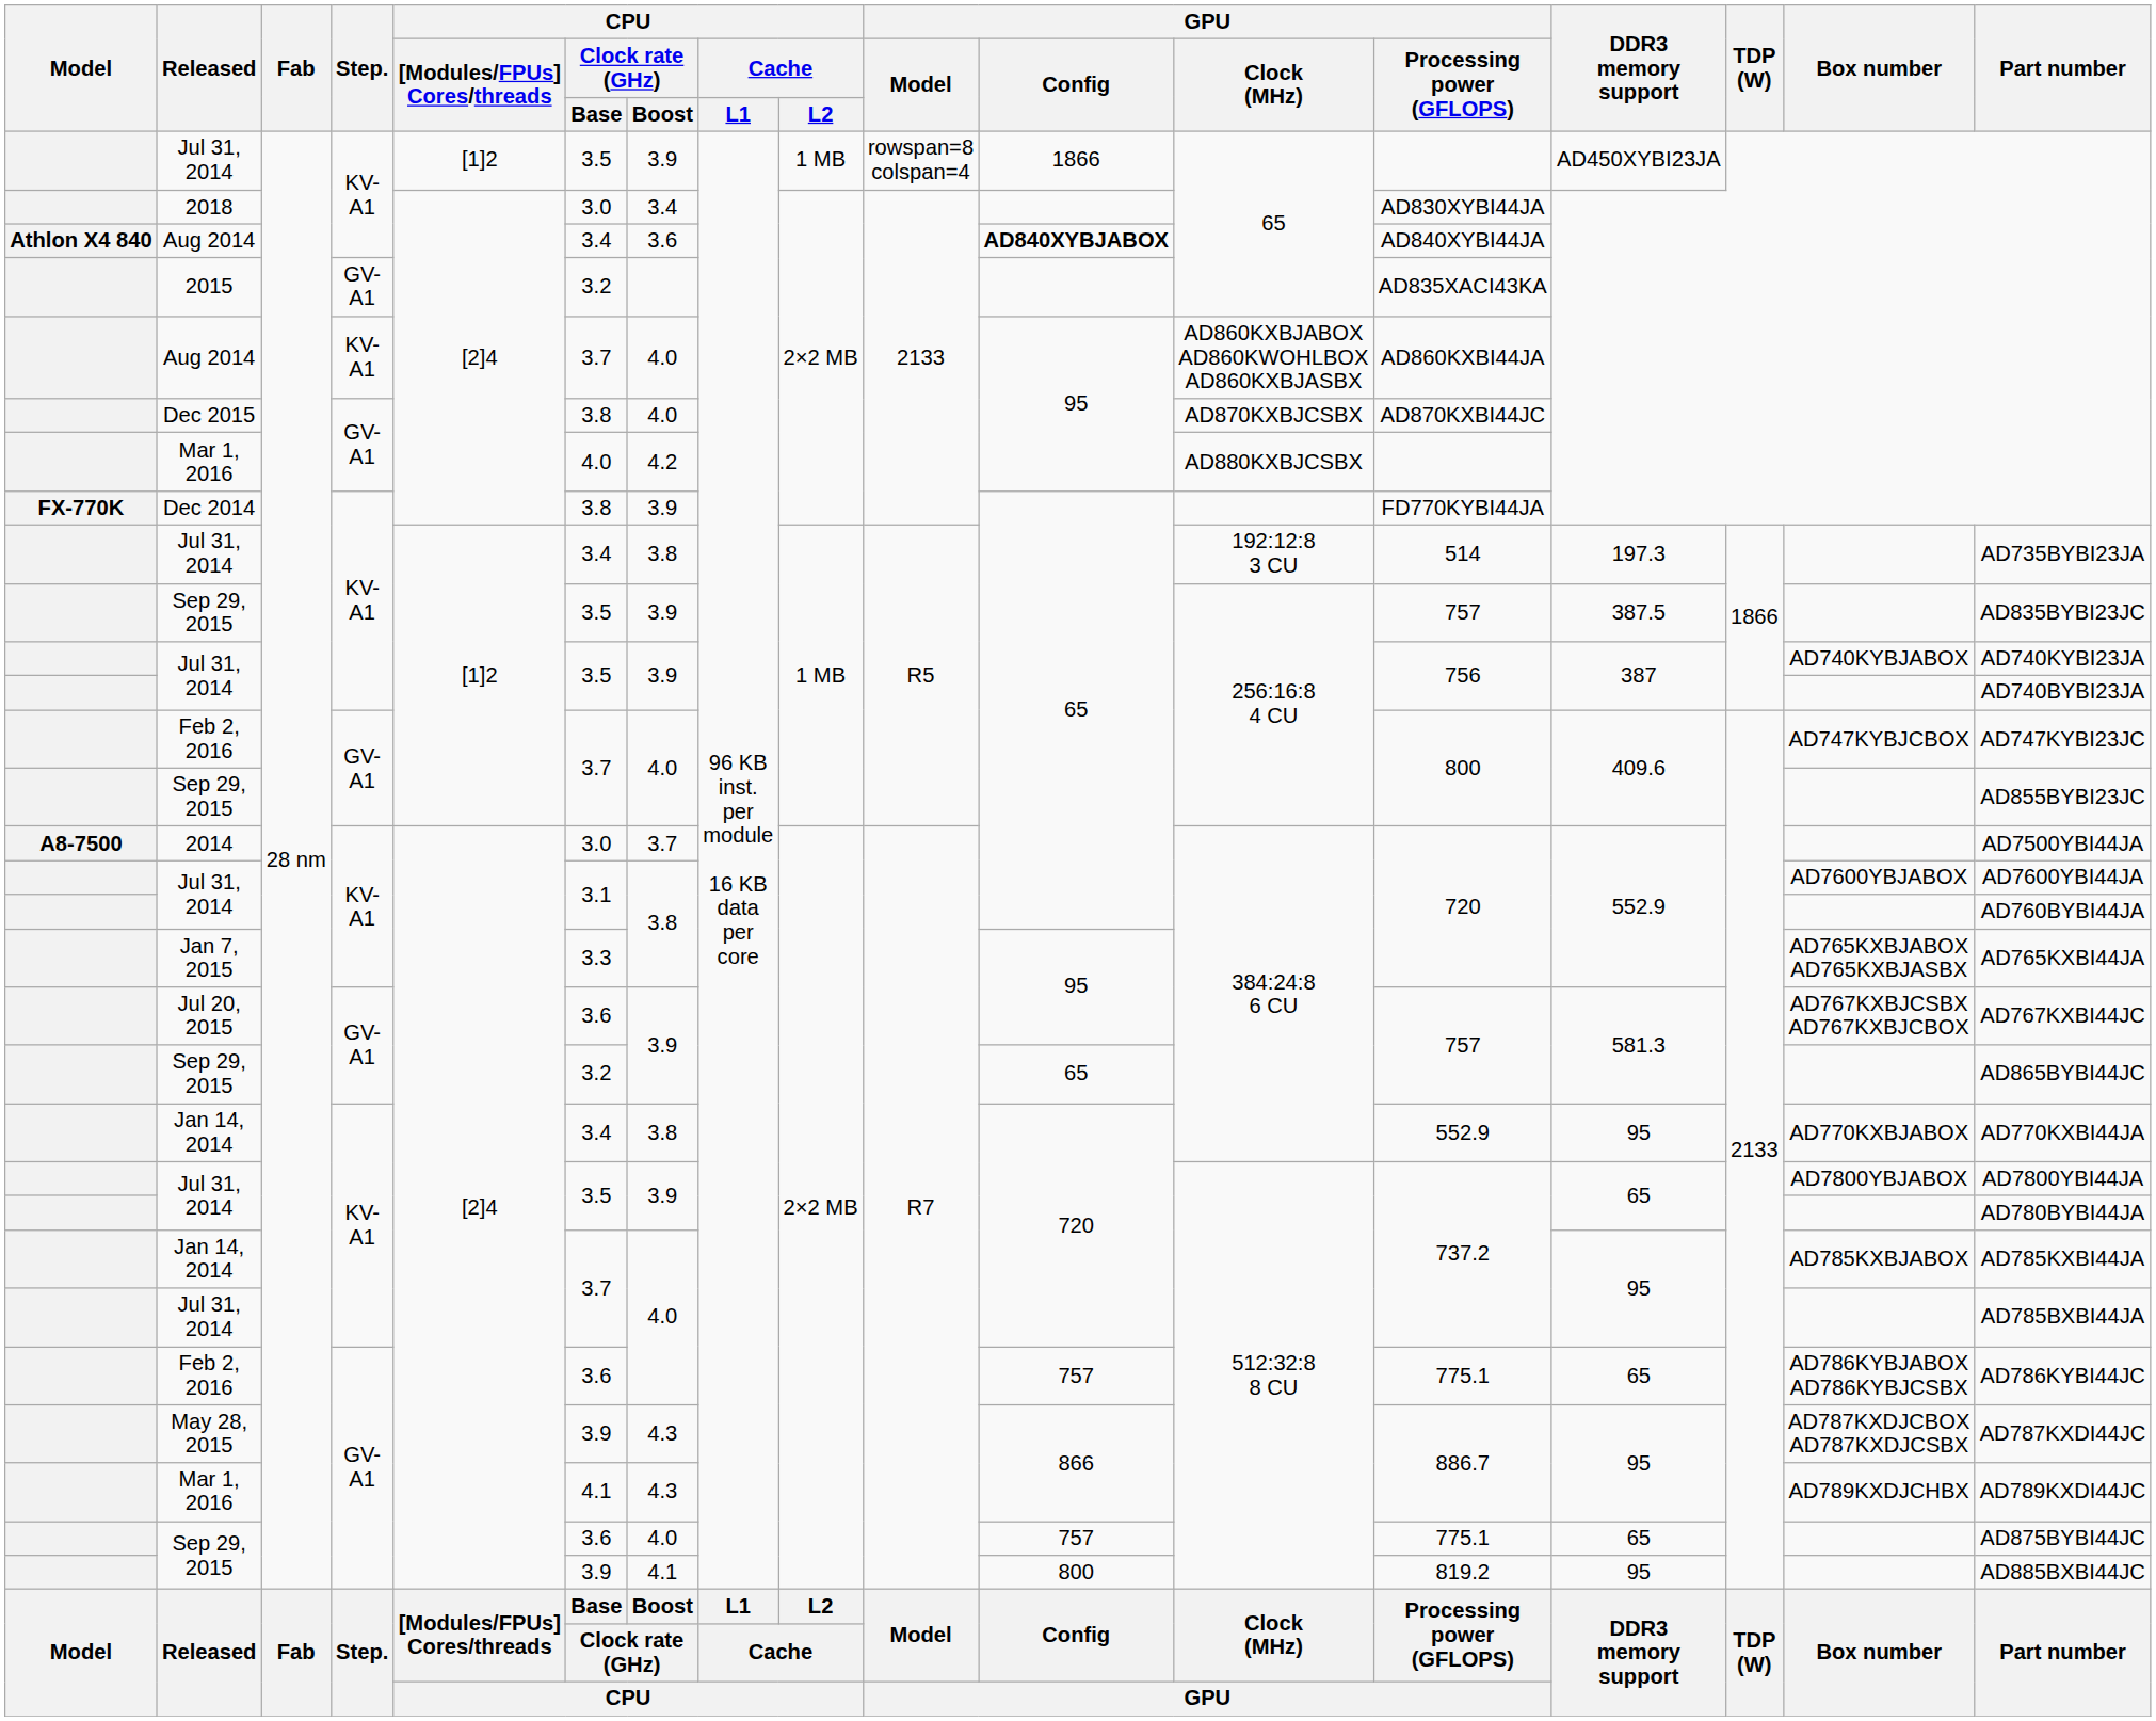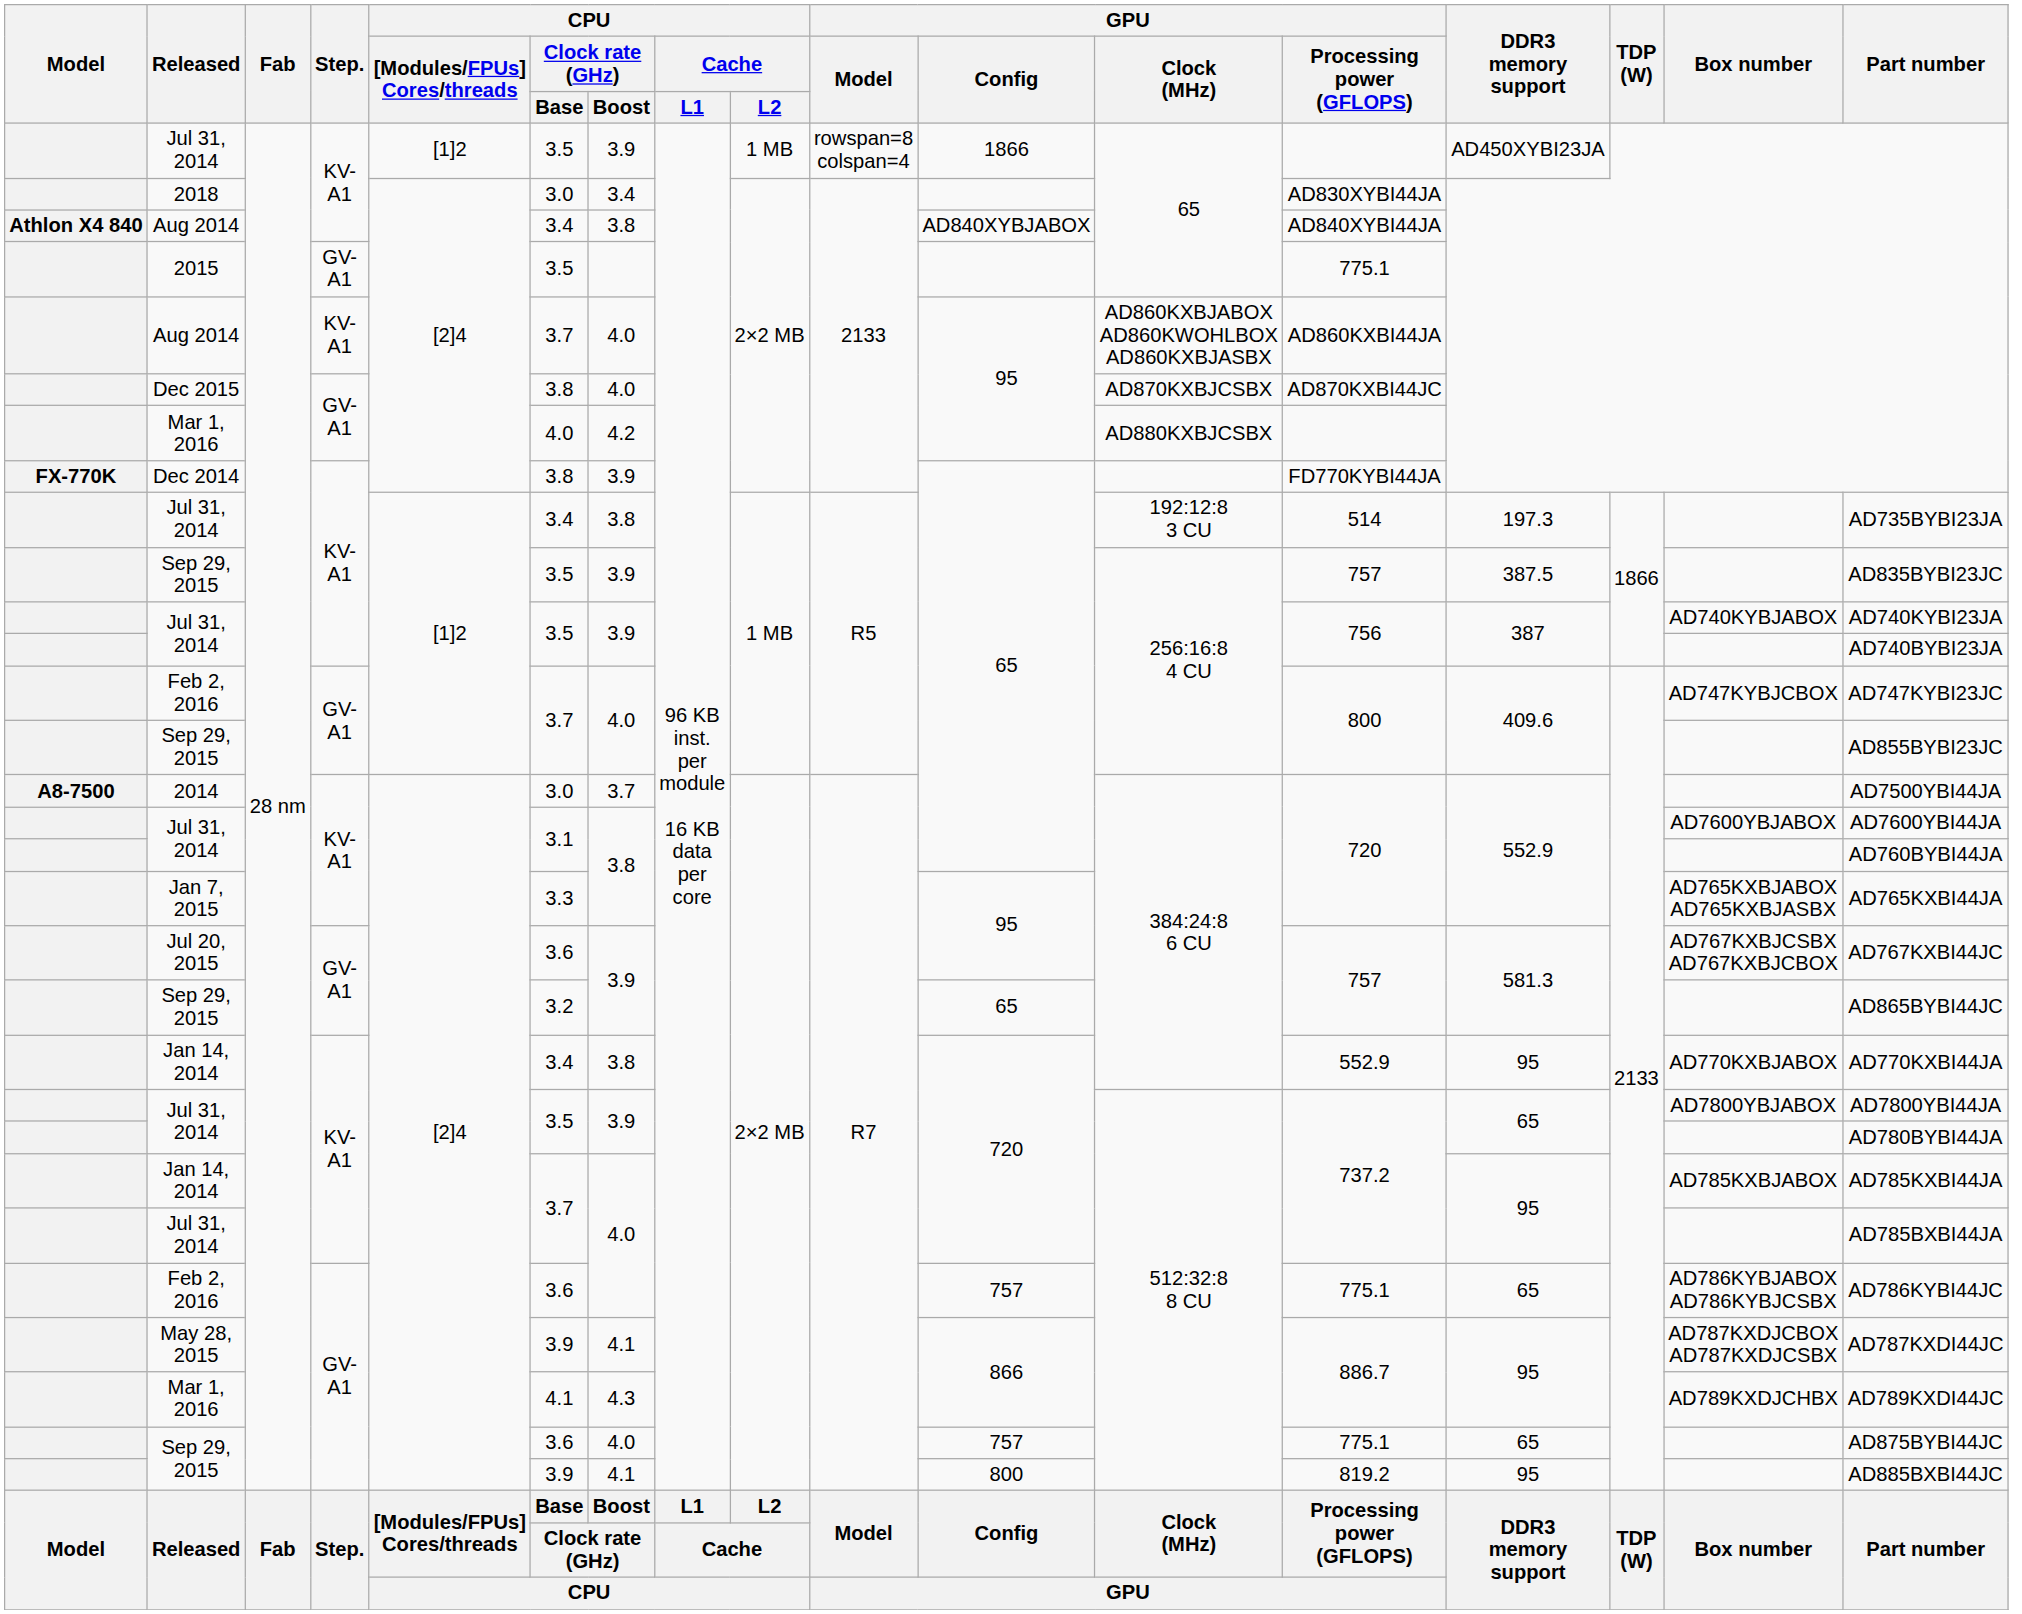 <table class="wikitable" style="text-align:center;">
 <tr>
 <th rowspan="3">Model</th>
 <th rowspan="3">Released</th>
 <th rowspan="3">Fab</th>
 <th rowspan="3">Step.</th>
 <th colspan="5">CPU</th>
 <th colspan="4">GPU</th>
 <th rowspan="3">DDR3<br>memory<br>support</th>
 <th rowspan="3">TDP<br>(W)</th>
 <th rowspan="3">Box number</th>
 <th rowspan="3">Part number</th>
 </tr>
 <tr>
 <th rowspan="2">[Modules/<a href='#'>FPUs</a>]<br><a href='#'>Cores</a>/<a href='#'>threads</a></th>
 <th colspan="2"><a href='#'>Clock rate</a> (<a href='#'>GHz</a>)</th>
 <th colspan="2"><a href='#'>Cache</a></th>
 <th rowspan="2">Model</th>
 <th rowspan="2">Config</th>
 <th rowspan="2">Clock<br>(MHz)</th>
 <th rowspan="2">Processing<br>power<br>(<a href='#'>GFLOPS</a>)</th>
 </tr>
 <tr>
 <th>Base</th>
 <th>Boost</th>
 <th><a href='#'>L1</a></th>
 <th><a href='#'>L2</a></th>
 </tr>
 <tr>
 <th></th>
 <td>Jul 31, 2014</td>
 <td rowspan="30">28 nm</td>
 <td rowspan=3>KV-A1</td>
 <td>[1]2</td>
 <td>3.5</td>
 <td>3.9</td>
 <td rowspan="30">96 KB inst.<br>per module<br><br>16 KB data<br>per core</td>
 <td>1 MB</td>
 <td>rowspan=8 colspan=4 </td>
 <td>1866</td>
 <td rowspan="4">65</td>
 <td></td>
 <td>AD450XYBI23JA</td>
 </tr>
 <tr>
 <th></th>
 <td>2018</td>
 <td rowspan="7">[2]4</td>
 <td>3.0</td>
 <td>3.4</td>
 <td rowspan="7">2×2 MB</td>
 <td rowspan="7">2133</td>
 <td></td>
 <td>AD830XYBI44JA</td>
 </tr>
 <tr>
 <th>Athlon X4 840</th>
 <td>Aug 2014</td>
 <td>3.4</td>
-<td>3.6</td>
-<td><strong>AD840XYBJABOX</strong></td>
+<td>3.8</td>
+<td>AD840XYBJABOX</td>
 <td>AD840XYBI44JA</td>
 </tr>
 <tr>
 <th></th>
 <td>2015</td>
 <td>GV-A1</td>
-<td>3.2</td>
+<td>3.5</td>
 <td></td>
 <td></td>
-<td>AD835XACI43KA</td>
+<td>775.1</td>
 </tr>
 <tr>
 <th></th>
 <td>Aug 2014</td>
 <td>KV-A1</td>
 <td>3.7</td>
 <td>4.0</td>
 <td rowspan="3">95</td>
 <td>AD860KXBJABOX<br>AD860KWOHLBOX<br>AD860KXBJASBX</td>
 <td>AD860KXBI44JA</td>
 </tr>
 <tr>
 <th></th>
 <td>Dec 2015</td>
 <td rowspan=2>GV-A1</td>
 <td>3.8</td>
 <td>4.0</td>
 <td>AD870KXBJCSBX</td>
 <td>AD870KXBI44JC</td>
 </tr>
 <tr>
 <th></th>
 <td>Mar 1, 2016</td>
 <td>4.0</td>
 <td>4.2</td>
 <td>AD880KXBJCSBX</td>
 <td></td>
 </tr>
 <tr>
 <th>FX-770K</th>
 <td>Dec 2014</td>
 <td rowspan=5>KV-A1</td>
 <td>3.8</td>
 <td>3.9</td>
 <td rowspan=10>65</td>
 <td></td>
 <td>FD770KYBI44JA</td>
 </tr>
 <tr>
 <th></th>
 <td>Jul 31, 2014</td>
 <td rowspan=6>[1]2</td>
 <td>3.4</td>
 <td>3.8</td>
 <td rowspan=6>1 MB</td>
 <td rowspan=6>R5</td>
 <td>192:12:8<br>3 CU</td>
 <td>514</td>
 <td>197.3</td>
 <td rowspan=4>1866</td>
 <td></td>
 <td>AD735BYBI23JA</td>
 </tr>
 <tr>
 <th></th>
 <td>Sep 29, 2015</td>
 <td>3.5</td>
 <td>3.9</td>
 <td rowspan=5>256:16:8<br>4 CU</td>
 <td>757</td>
 <td>387.5</td>
 <td></td>
 <td>AD835BYBI23JC</td>
 </tr>
 <tr>
 <th></th>
 <td rowspan=2>Jul 31, 2014</td>
 <td rowspan=2>3.5</td>
 <td rowspan=2>3.9</td>
 <td rowspan=2>756</td>
 <td rowspan=2>387</td>
 <td>AD740KYBJABOX</td>
 <td>AD740KYBI23JA</td>
 </tr>
 <tr>
 <th></th>
 <td></td>
 <td>AD740BYBI23JA</td>
 </tr>
 <tr>
 <th></th>
 <td>Feb 2, 2016</td>
 <td rowspan=2>GV-A1</td>
 <td rowspan=2>3.7</td>
 <td rowspan=2>4.0</td>
 <td rowspan=2>800</td>
 <td rowspan=2>409.6</td>
 <td rowspan=18>2133</td>
 <td>AD747KYBJCBOX</td>
 <td>AD747KYBI23JC</td>
 </tr>
 <tr>
 <th></th>
 <td>Sep 29, 2015</td>
 <td></td>
 <td>AD855BYBI23JC</td>
 </tr>
 <tr>
 <th>A8-7500</th>
 <td>2014</td>
 <td rowspan=4>KV-A1</td>
 <td rowspan=16>[2]4</td>
 <td>3.0</td>
 <td>3.7</td>
 <td rowspan=16>2×2 MB</td>
 <td rowspan=16>R7</td>
 <td rowspan=7>384:24:8<br> 6 CU</td>
 <td rowspan=4>720</td>
 <td rowspan=4>552.9</td>
 <td></td>
 <td>AD7500YBI44JA</td>
 </tr>
 <tr>
 <th></th>
 <td rowspan=2>Jul 31, 2014</td>
 <td rowspan=2>3.1</td>
 <td rowspan=3>3.8</td>
 <td>AD7600YBJABOX</td>
 <td>AD7600YBI44JA</td>
 </tr>
 <tr>
 <th></th>
 <td></td>
 <td>AD760BYBI44JA</td>
 </tr>
 <tr>
 <th></th>
 <td>Jan 7, 2015</td>
 <td>3.3</td>
 <td rowspan=2>95</td>
 <td>AD765KXBJABOX<br>AD765KXBJASBX</td>
 <td>AD765KXBI44JA</td>
 </tr>
 <tr>
 <th></th>
 <td>Jul 20, 2015</td>
 <td rowspan=2>GV-A1</td>
 <td>3.6</td>
 <td rowspan="2">3.9</td>
 <td rowspan=2>757</td>
 <td rowspan=2>581.3</td>
 <td>AD767KXBJCSBX<br>AD767KXBJCBOX</td>
 <td>AD767KXBI44JC</td>
 </tr>
 <tr>
 <th></th>
 <td>Sep 29, 2015</td>
 <td>3.2</td>
 <td>65</td>
 <td></td>
 <td>AD865BYBI44JC</td>
 </tr>
 <tr>
 <th></th>
 <td>Jan 14, 2014</td>
 <td rowspan=5>KV-A1</td>
 <td>3.4</td>
 <td>3.8</td>
 <td rowspan="5">720</td>
 <td>552.9</td>
 <td>95</td>
 <td>AD770KXBJABOX</td>
 <td>AD770KXBI44JA</td>
 </tr>
 <tr>
 <th></th>
 <td rowspan=2>Jul 31, 2014</td>
 <td rowspan=2>3.5</td>
 <td rowspan=2>3.9</td>
 <td rowspan=9>512:32:8<br>8 CU</td>
 <td rowspan=4>737.2</td>
 <td rowspan=2>65</td>
 <td>AD7800YBJABOX</td>
 <td>AD7800YBI44JA</td>
 </tr>
 <tr>
 <th></th>
 <td></td>
 <td>AD780BYBI44JA</td>
 </tr>
 <tr>
 <th></th>
 <td>Jan 14, 2014</td>
 <td rowspan=2>3.7</td>
 <td rowspan=3>4.0</td>
 <td rowspan=2>95</td>
 <td>AD785KXBJABOX</td>
 <td>AD785KXBI44JA</td>
 </tr>
 <tr>
 <th></th>
 <td>Jul 31, 2014</td>
 <td></td>
 <td>AD785BXBI44JA</td>
 </tr>
 <tr>
 <th></th>
 <td>Feb 2, 2016</td>
 <td rowspan=5>GV-A1</td>
 <td>3.6</td>
 <td>757</td>
 <td>775.1</td>
 <td>65</td>
 <td>AD786KYBJABOX<br>AD786KYBJCSBX</td>
 <td>AD786KYBI44JC</td>
 </tr>
 <tr>
 <th></th>
 <td>May 28, 2015</td>
 <td>3.9</td>
-<td>4.3</td>
+<td>4.1</td>
 <td rowspan=2>866</td>
 <td rowspan=2>886.7</td>
 <td rowspan=2>95</td>
 <td>AD787KXDJCBOX<br>AD787KXDJCSBX</td>
 <td>AD787KXDI44JC</td>
 </tr>
 <tr>
 <th></th>
 <td>Mar 1, 2016</td>
 <td>4.1</td>
 <td>4.3</td>
 <td>AD789KXDJCHBX</td>
 <td>AD789KXDI44JC</td>
 </tr>
 <tr>
 <th></th>
 <td rowspan=2>Sep 29, 2015</td>
 <td>3.6</td>
 <td>4.0</td>
 <td>757</td>
 <td>775.1</td>
 <td>65</td>
 <td></td>
 <td>AD875BYBI44JC</td>
 </tr>
 <tr>
 <th></th>
 <td>3.9</td>
 <td>4.1</td>
 <td>800</td>
 <td>819.2</td>
 <td>95</td>
 <td></td>
 <td>AD885BXBI44JC</td>
 </tr>
 <tr>
 <th rowspan=3>Model</th>
 <th rowspan=3>Released</th>
 <th rowspan=3>Fab</th>
 <th rowspan=3>Step.</th>
 <th rowspan=2>[Modules/FPUs]<br>Cores/threads</th>
 <th>Base</th>
 <th>Boost</th>
 <th>L1</th>
 <th>L2</th>
 <th rowspan=2>Model</th>
 <th rowspan=2>Config</th>
 <th rowspan=2>Clock<br>(MHz)</th>
 <th rowspan=2>Processing<br>power<br>(GFLOPS)</th>
 <th rowspan=3>DDR3<br>memory<br>support</th>
 <th rowspan=3>TDP<br>(W)</th>
 <th rowspan=3>Box number</th>
 <th rowspan=3>Part number</th>
 </tr>
 <tr>
 <th colspan=2>Clock rate (GHz)</th>
 <th colspan=2>Cache</th>
 </tr>
 <tr>
 <th colspan=5>CPU</th>
 <th colspan=4>GPU</th>
 </tr>
 </table>
